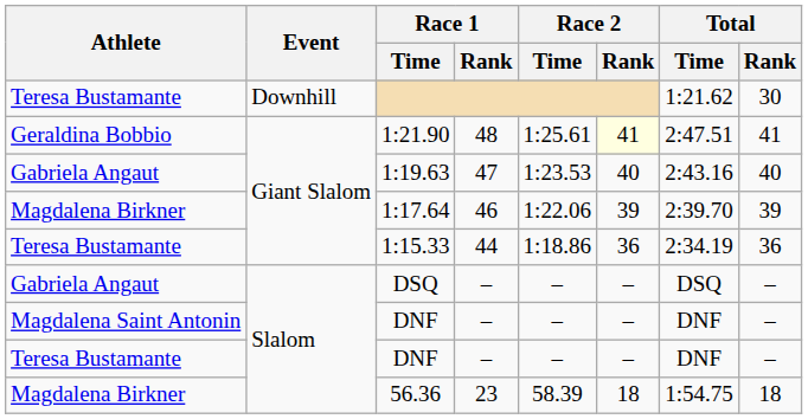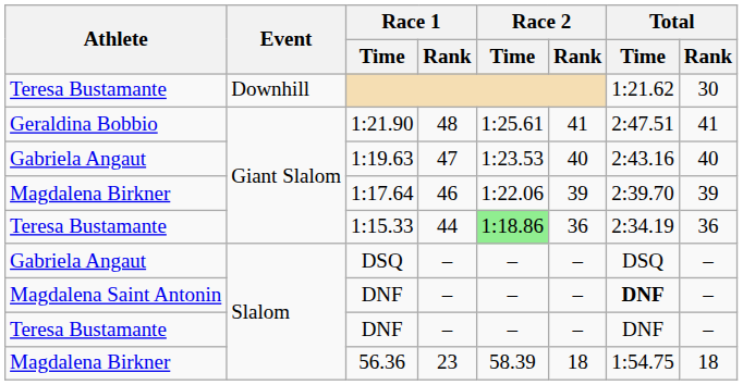 <table class="wikitable" style="font-size:90%">
 <tr>
 <th rowspan="2">Athlete</th>
 <th rowspan="2">Event</th>
 <th colspan="2">Race 1</th>
 <th colspan="2">Race 2</th>
 <th colspan="2">Total</th>
 </tr>
 <tr>
 <th>Time</th>
 <th>Rank</th>
 <th>Time</th>
 <th>Rank</th>
 <th>Time</th>
 <th>Rank</th>
 </tr>
 <tr>
 <td><a href='#'>Teresa Bustamante</a></td>
 <td>Downhill</td>
 <td colspan="4" bgcolor="wheat"></td>
 <td align="center">1:21.62</td>
 <td align="center">30</td>
 </tr>
 <tr>
 <td><a href='#'>Geraldina Bobbio</a></td>
 <td rowspan="4">Giant Slalom</td>
 <td align="center">1:21.90</td>
 <td align="center">48</td>
 <td align="center">1:25.61</td>
-<td align="center" style="background: lightyellow;">41</td>
+<td align="center">41</td>
 <td align="center">2:47.51</td>
 <td align="center">41</td>
 </tr>
 <tr>
 <td><a href='#'>Gabriela Angaut</a></td>
 <td align="center">1:19.63</td>
 <td align="center">47</td>
 <td align="center">1:23.53</td>
 <td align="center">40</td>
 <td align="center">2:43.16</td>
 <td align="center">40</td>
 </tr>
 <tr>
 <td><a href='#'>Magdalena Birkner</a></td>
 <td align="center">1:17.64</td>
 <td align="center">46</td>
 <td align="center">1:22.06</td>
 <td align="center">39</td>
 <td align="center">2:39.70</td>
 <td align="center">39</td>
 </tr>
 <tr>
 <td><a href='#'>Teresa Bustamante</a></td>
 <td align="center">1:15.33</td>
 <td align="center">44</td>
-<td align="center">1:18.86</td>
+<td align="center" style="background: lightgreen;">1:18.86</td>
 <td align="center">36</td>
 <td align="center">2:34.19</td>
 <td align="center">36</td>
 </tr>
 <tr>
 <td><a href='#'>Gabriela Angaut</a></td>
 <td rowspan="4">Slalom</td>
 <td align="center">DSQ</td>
 <td align="center">–</td>
 <td align="center">–</td>
 <td align="center">–</td>
 <td align="center">DSQ</td>
 <td align="center">–</td>
 </tr>
 <tr>
 <td><a href='#'>Magdalena Saint Antonin</a></td>
 <td align="center">DNF</td>
 <td align="center">–</td>
 <td align="center">–</td>
 <td align="center">–</td>
-<td align="center">DNF</td>
+<td align="center"><strong>DNF</strong></td>
 <td align="center">–</td>
 </tr>
 <tr>
 <td><a href='#'>Teresa Bustamante</a></td>
 <td align="center">DNF</td>
 <td align="center">–</td>
 <td align="center">–</td>
 <td align="center">–</td>
 <td align="center">DNF</td>
 <td align="center">–</td>
 </tr>
 <tr>
 <td><a href='#'>Magdalena Birkner</a></td>
 <td align="center">56.36</td>
 <td align="center">23</td>
 <td align="center">58.39</td>
 <td align="center">18</td>
 <td align="center">1:54.75</td>
 <td align="center">18</td>
 </tr>
 </table>
